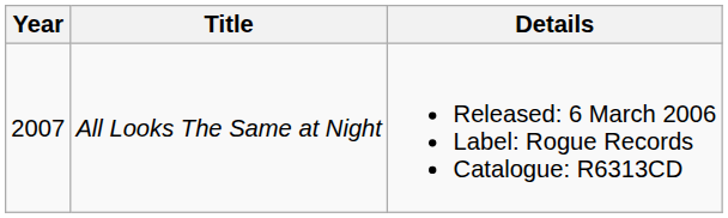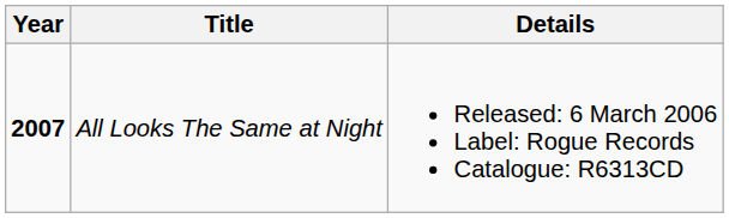 <table class="wikitable plainrowheaders">
 <tr>
 <th>Year</th>
 <th>Title</th>
 <th>Details</th>
 </tr>
 <tr>
-<td>2007</td>
+<td><strong>2007</strong></td>
 <td><em>All Looks The Same at Night</em></td>
 <td><br><ul><li>Released: 6 March 2006</li><li>Label: Rogue Records</li><li>Catalogue: R6313CD</li></ul></td>
 </tr>
 </table>
